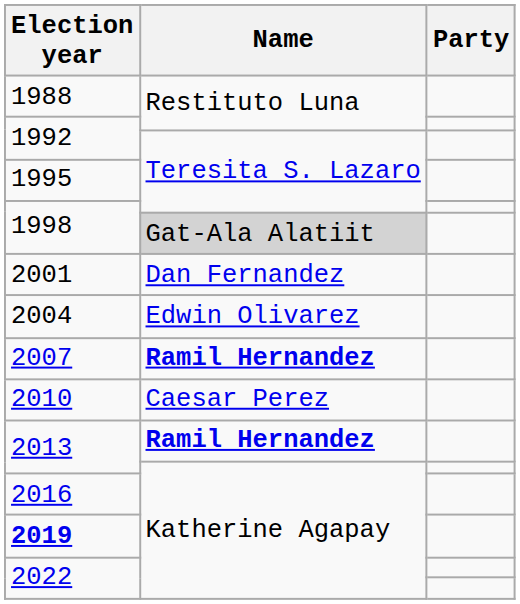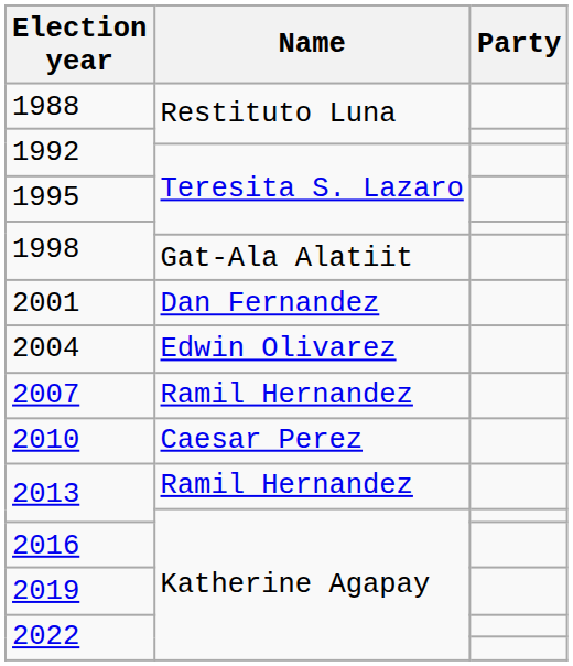 <table class=wikitable>
 <tr>
 <th>Election<br>year</th>
 <th>Name</th>
 <th colspan="2">Party</th>
 </tr>
 <tr>
 <td>1988</td>
 <td rowspan="2">Restituto Luna</td>
 <td></td>
 </tr>
 <tr>
 <td rowspan="2">1992</td>
 <td></td>
 </tr>
 <tr>
 <td rowspan="3"><a href='#'>Teresita S. Lazaro</a></td>
 <td></td>
 </tr>
 <tr>
 <td>1995</td>
 <td></td>
 </tr>
 <tr>
 <td rowspan="2">1998</td>
 <td></td>
 </tr>
 <tr>
-<td style="background: lightgrey;">Gat-Ala Alatiit</td>
+<td>Gat-Ala Alatiit</td>
 <td></td>
 </tr>
 <tr>
 <td>2001</td>
 <td><a href='#'>Dan Fernandez</a></td>
 <td></td>
 </tr>
 <tr>
 <td>2004</td>
 <td><a href='#'>Edwin Olivarez</a></td>
 <td></td>
 </tr>
 <tr>
 <td><a href='#'>2007</a></td>
-<td><strong><a href='#'>Ramil Hernandez</a></strong></td>
+<td><a href='#'>Ramil Hernandez</a></td>
 <td></td>
 </tr>
 <tr>
 <td><a href='#'>2010</a></td>
 <td><a href='#'>Caesar Perez</a></td>
 <td></td>
 </tr>
 <tr>
 <td rowspan="2"><a href='#'>2013</a></td>
-<td><strong><a href='#'>Ramil Hernandez</a></strong></td>
+<td><a href='#'>Ramil Hernandez</a></td>
 <td></td>
 </tr>
 <tr>
 <td rowspan="6">Katherine Agapay</td>
 <td></td>
 </tr>
 <tr>
 <td><a href='#'>2016</a></td>
 <td></td>
 </tr>
 <tr>
-<td><strong><a href='#'>2019</a></strong></td>
+<td><a href='#'>2019</a></td>
 <td></td>
 </tr>
 <tr>
 <td rowspan="2"><a href='#'>2022</a></td>
 <td></td>
 </tr>
 <tr>
 <td></td>
 </tr>
 </table>
